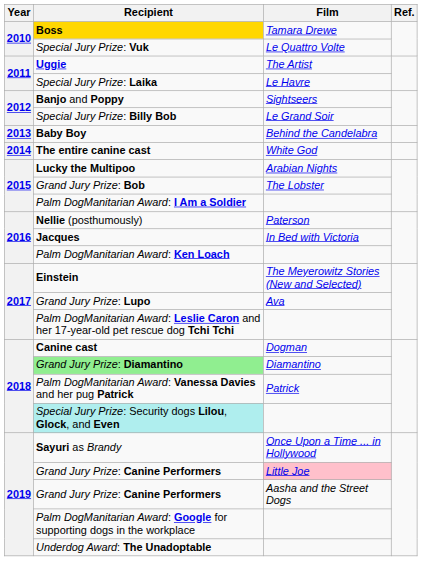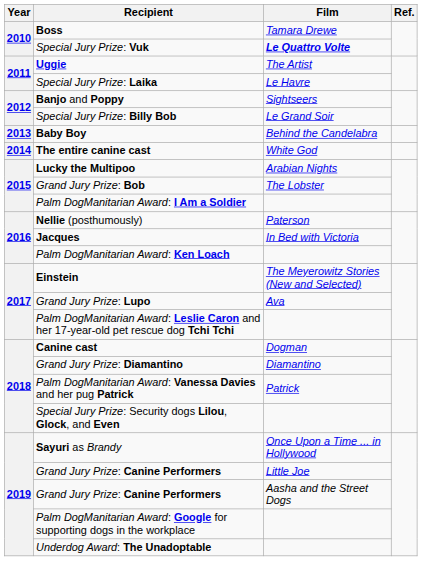 <table class="wikitable">
 <tr>
 <th>Year</th>
 <th>Recipient</th>
 <th>Film</th>
 <th>Ref.</th>
 </tr>
 <tr>
 <th rowspan="2"><a href='#'>2010</a></th>
-<td style="background: gold;"><strong>Boss</strong></td>
+<td><strong>Boss</strong></td>
 <td><em><a href='#'>Tamara Drewe</a></em></td>
 <td rowspan="2"></td>
 </tr>
 <tr>
 <td><em>Special Jury Prize</em>: <strong>Vuk</strong></td>
-<td><em><a href='#'>Le Quattro Volte</a></em></td>
+<td><strong><em><a href='#'>Le Quattro Volte</a></em></strong></td>
 </tr>
 <tr>
 <th rowspan="2"><a href='#'>2011</a></th>
 <td><strong><a href='#'>Uggie</a></strong></td>
 <td><em><a href='#'>The Artist</a></em></td>
 <td rowspan="2"></td>
 </tr>
 <tr>
 <td><em>Special Jury Prize</em>: <strong>Laika</strong></td>
 <td><em><a href='#'>Le Havre</a></em></td>
 </tr>
 <tr>
 <th rowspan="2"><a href='#'>2012</a></th>
 <td><strong>Banjo</strong> and <strong>Poppy</strong></td>
 <td><em><a href='#'>Sightseers</a></em></td>
 <td rowspan="2"></td>
 </tr>
 <tr>
 <td><em>Special Jury Prize</em>: <strong>Billy Bob</strong></td>
 <td><em><a href='#'>Le Grand Soir</a></em></td>
 </tr>
 <tr>
 <th><a href='#'>2013</a></th>
 <td><strong>Baby Boy</strong></td>
 <td><em><a href='#'>Behind the Candelabra</a></em></td>
 <td></td>
 </tr>
 <tr>
 <th><a href='#'>2014</a></th>
 <td><strong>The entire canine cast</strong></td>
 <td><em><a href='#'>White God</a></em></td>
 <td></td>
 </tr>
 <tr>
 <th rowspan="3"><a href='#'>2015</a></th>
 <td><strong>Lucky the Multipoo</strong></td>
 <td><em><a href='#'>Arabian Nights</a></em></td>
 <td rowspan="3"></td>
 </tr>
 <tr>
 <td><em>Grand Jury Prize</em>: <strong>Bob</strong></td>
 <td><em><a href='#'>The Lobster</a></em></td>
 </tr>
 <tr>
 <td><em>Palm DogManitarian Award</em>: <strong><a href='#'>I Am a Soldier</a></strong></td>
 </tr>
 <tr>
 <th rowspan="3"><a href='#'>2016</a></th>
 <td><strong>Nellie</strong> (posthumously)</td>
 <td><em><a href='#'>Paterson</a></em></td>
 <td rowspan="3"></td>
 </tr>
 <tr>
 <td><strong>Jacques</strong></td>
 <td><em><a href='#'>In Bed with Victoria</a></em></td>
 </tr>
 <tr>
 <td><em>Palm DogManitarian Award</em>: <strong><a href='#'>Ken Loach</a></strong></td>
 <td></td>
 </tr>
 <tr>
 <th rowspan="3"><a href='#'>2017</a></th>
 <td><strong>Einstein</strong></td>
 <td><em><a href='#'>The Meyerowitz Stories (New and Selected)</a></em></td>
 <td rowspan="3"></td>
 </tr>
 <tr>
 <td><em>Grand Jury Prize</em>: <strong>Lupo</strong></td>
 <td><em><a href='#'>Ava</a></em></td>
 </tr>
 <tr>
 <td><em>Palm DogManitarian Award</em>: <strong><a href='#'>Leslie Caron</a></strong> and her 17-year-old pet rescue dog <strong>Tchi Tchi</strong></td>
 <td></td>
 </tr>
 <tr>
 <th rowspan="4"><a href='#'>2018</a></th>
 <td><strong>Canine cast</strong></td>
 <td><em><a href='#'>Dogman</a></em></td>
 <td rowspan="4"></td>
 </tr>
 <tr>
-<td style="background: lightgreen;"><em>Grand Jury Prize</em>: <strong>Diamantino</strong></td>
+<td><em>Grand Jury Prize</em>: <strong>Diamantino</strong></td>
 <td><em><a href='#'>Diamantino</a></em></td>
 </tr>
 <tr>
 <td><em>Palm DogManitarian Award</em>: <strong>Vanessa Davies</strong> and her pug <strong>Patrick</strong></td>
 <td><em><a href='#'>Patrick</a></em></td>
 </tr>
 <tr>
-<td style="background: paleturquoise;"><em>Special Jury Prize</em>: Security dogs <strong>Lilou</strong>, <strong>Glock</strong>, and <strong>Even</strong></td>
+<td><em>Special Jury Prize</em>: Security dogs <strong>Lilou</strong>, <strong>Glock</strong>, and <strong>Even</strong></td>
 <td></td>
 </tr>
 <tr>
 <th rowspan="5"><a href='#'>2019</a></th>
 <td><strong>Sayuri</strong> as <em>Brandy</em></td>
 <td><em><a href='#'>Once Upon a Time ... in Hollywood</a></em></td>
 <td rowspan="5"></td>
 </tr>
 <tr>
 <td><em>Grand Jury Prize</em>: <strong>Canine Performers</strong></td>
-<td style="background: pink;"><em><a href='#'>Little Joe</a></em></td>
+<td><em><a href='#'>Little Joe</a></em></td>
 </tr>
 <tr>
 <td><em>Grand Jury Prize</em>: <strong>Canine Performers</strong></td>
 <td><em>Aasha and the Street Dogs</em></td>
 </tr>
 <tr>
 <td><em>Palm DogManitarian Award</em>: <strong><a href='#'>Google</a></strong> for supporting dogs in the workplace</td>
 <td></td>
 </tr>
 <tr>
 <td><em>Underdog Award</em>: <strong>The Unadoptable</strong></td>
 <td></td>
 </tr>
 </table>
